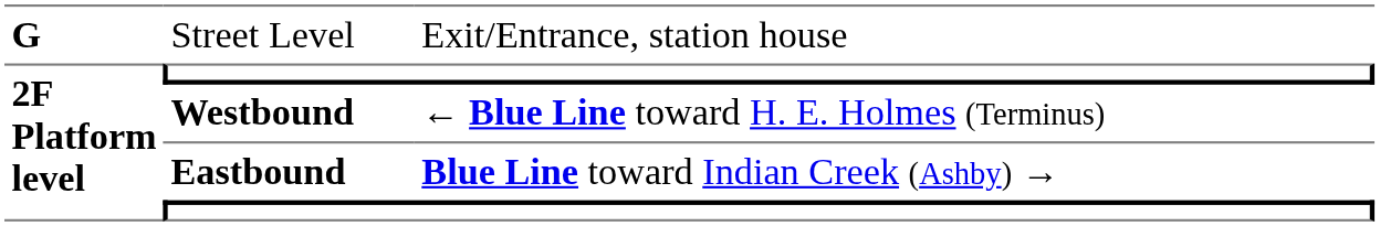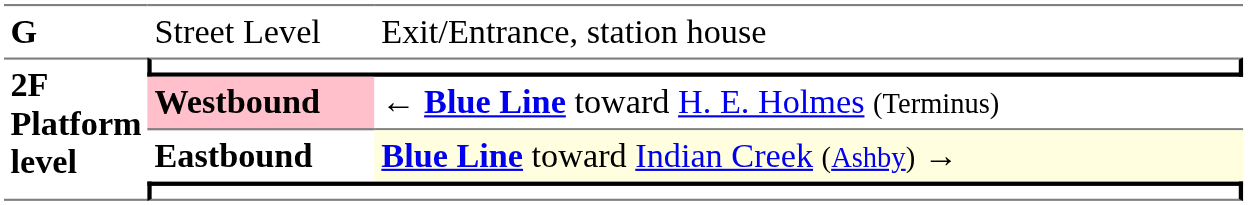 <table table border=0 cellspacing=0 cellpadding=3>
 <tr>
 <td style="border-top:solid 1px gray;" width=50 valign=top><strong>G</strong></td>
 <td style="border-top:solid 1px gray;" width=100 valign=top>Street Level</td>
 <td style="border-top:solid 1px gray;" width=400 valign=top>Exit/Entrance, station house</td>
 </tr>
 <tr>
 <td style="border-top:solid 1px gray;border-bottom:solid 1px gray;" width=50 rowspan=4 valign=top><strong>2F<br>Platform level</strong></td>
 <td style="border-top:solid 1px gray;border-right:solid 2px black;border-left:solid 2px black;border-bottom:solid 2px black;text-align:center;" colspan=2></td>
 </tr>
 <tr>
-<td style="border-bottom:solid 1px gray;" width=100><strong>Westbound</strong></td>
+<td style="background: pink; border-bottom:solid 1px gray;" width=100><strong>Westbound</strong></td>
 <td style="border-bottom:solid 1px gray;" width=400>← <a href='#'><span><strong>Blue Line</strong></span></a> toward <a href='#'>H. E. Holmes</a> <small>(Terminus)</small></td>
 </tr>
 <tr>
 <td><strong>Eastbound</strong></td>
-<td> <a href='#'><span><strong>Blue Line</strong></span></a> toward <a href='#'>Indian Creek</a> <small>(<a href='#'>Ashby</a>)</small> →</td>
+<td style="background: lightyellow;"> <a href='#'><span><strong>Blue Line</strong></span></a> toward <a href='#'>Indian Creek</a> <small>(<a href='#'>Ashby</a>)</small> →</td>
 </tr>
 <tr>
 <td style="border-bottom:solid 1px gray;border-right:solid 2px black;border-left:solid 2px black;border-top:solid 2px black;text-align:center;" colspan=2></td>
 </tr>
 </table>
